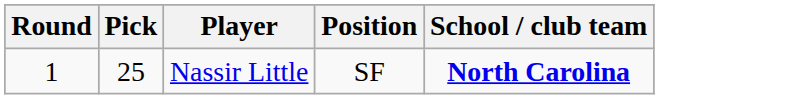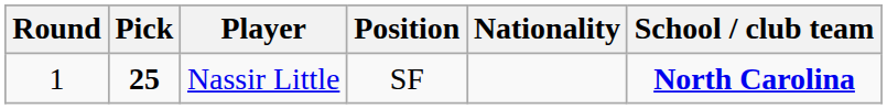 <table class="wikitable sortable sortable">
 <tr>
 <th>Round</th>
 <th>Pick</th>
 <th>Player</th>
 <th>Position</th>
+<th>Nationality</th>
 <th>School / club team</th>
 </tr>
 <tr style="text-align: center">
 <td>1</td>
-<td>25</td>
+<td><strong>25</strong></td>
 <td><a href='#'>Nassir Little</a></td>
 <td>SF</td>
+<td></td>
 <td><strong><a href='#'>North Carolina</a></strong></td>
 </tr>
 </table>
